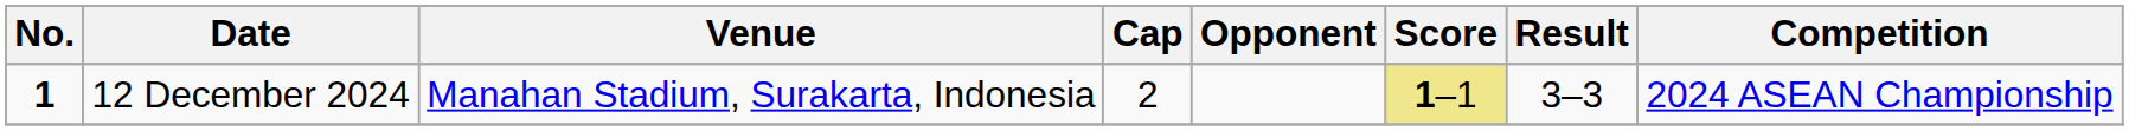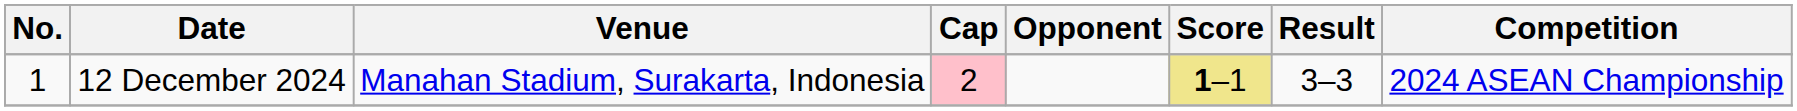 <table class="wikitable sortable">
 <tr>
 <th scope=col>No.</th>
 <th scope=col>Date</th>
 <th scope=col>Venue</th>
 <th scope=col>Cap</th>
 <th scope=col>Opponent</th>
 <th scope=col>Score</th>
 <th scope=col>Result</th>
 <th scope=col>Competition</th>
 </tr>
 <tr>
 </tr>
 <tr>
-<td align=center><strong>1</strong></td>
+<td align=center>1</td>
 <td>12 December 2024</td>
 <td><a href='#'>Manahan Stadium</a>, <a href='#'>Surakarta</a>, Indonesia</td>
-<td align=center>2</td>
+<td align=center style="background: pink;">2</td>
 <td></td>
 <td align=center style="background: khaki;"><strong>1</strong>–1</td>
 <td align=center>3–3</td>
 <td><a href='#'>2024 ASEAN Championship</a></td>
 </tr>
 <tr>
 </tr>
 </table>
